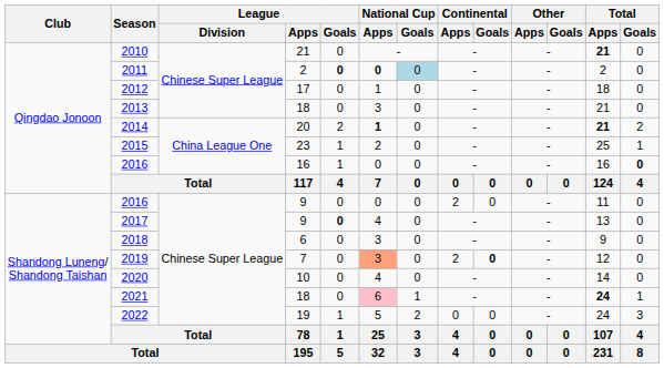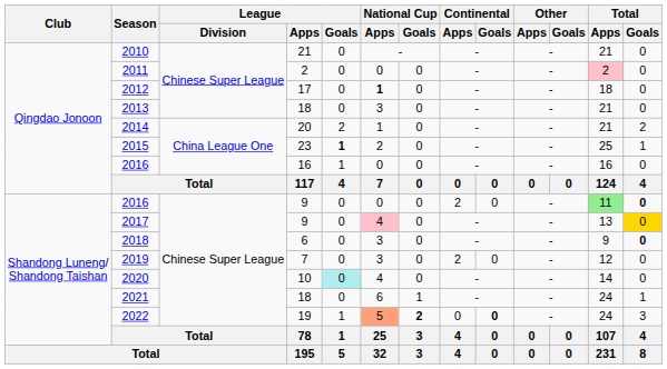 <table class="wikitable" style="text-align: center">
 <tr>
 <th rowspan="2">Club</th>
 <th rowspan="2">Season</th>
 <th colspan="3">League</th>
 <th colspan="2">National Cup</th>
 <th colspan="2">Continental</th>
 <th colspan="2">Other</th>
 <th colspan="2">Total</th>
 </tr>
 <tr>
 <th>Division</th>
 <th>Apps</th>
 <th>Goals</th>
 <th>Apps</th>
 <th>Goals</th>
 <th>Apps</th>
 <th>Goals</th>
 <th>Apps</th>
 <th>Goals</th>
 <th>Apps</th>
 <th>Goals</th>
 </tr>
 <tr>
 <td rowspan="8"><a href='#'>Qingdao Jonoon</a></td>
 <td><a href='#'>2010</a></td>
 <td rowspan="4"><a href='#'>Chinese Super League</a></td>
 <td>21</td>
 <td>0</td>
 <td colspan="2">-</td>
 <td colspan="2">-</td>
 <td colspan="2">-</td>
-<td><strong>21</strong></td>
+<td>21</td>
 <td>0</td>
 </tr>
 <tr>
 <td><a href='#'>2011</a></td>
 <td>2</td>
-<td><strong>0</strong></td>
-<td><strong>0</strong></td>
-<td style="background: lightblue;">0</td>
+<td>0</td>
+<td>0</td>
+<td>0</td>
 <td colspan="2">-</td>
 <td colspan="2">-</td>
-<td>2</td>
+<td style="background: pink;">2</td>
 <td>0</td>
 </tr>
 <tr>
 <td><a href='#'>2012</a></td>
 <td>17</td>
 <td>0</td>
-<td>1</td>
+<td><strong>1</strong></td>
 <td>0</td>
 <td colspan="2">-</td>
 <td colspan="2">-</td>
 <td>18</td>
 <td>0</td>
 </tr>
 <tr>
 <td><a href='#'>2013</a></td>
 <td>18</td>
 <td>0</td>
 <td>3</td>
 <td>0</td>
 <td colspan="2">-</td>
 <td colspan="2">-</td>
 <td>21</td>
 <td>0</td>
 </tr>
 <tr>
 <td><a href='#'>2014</a></td>
 <td rowspan="3"><a href='#'>China League One</a></td>
 <td>20</td>
 <td>2</td>
-<td><strong>1</strong></td>
+<td>1</td>
 <td>0</td>
 <td colspan="2">-</td>
 <td colspan="2">-</td>
-<td><strong>21</strong></td>
+<td>21</td>
 <td>2</td>
 </tr>
 <tr>
 <td><a href='#'>2015</a></td>
 <td>23</td>
-<td>1</td>
+<td><strong>1</strong></td>
 <td>2</td>
 <td>0</td>
 <td colspan="2">-</td>
 <td colspan="2">-</td>
 <td>25</td>
 <td>1</td>
 </tr>
 <tr>
 <td><a href='#'>2016</a></td>
 <td>16</td>
 <td>1</td>
 <td>0</td>
 <td>0</td>
 <td colspan="2">-</td>
 <td colspan="2">-</td>
 <td>16</td>
-<td><strong>0</strong></td>
+<td>0</td>
 </tr>
 <tr>
 <th colspan=2>Total</th>
 <th>117</th>
 <th>4</th>
 <th>7</th>
 <th>0</th>
 <th>0</th>
 <th>0</th>
 <th>0</th>
 <th>0</th>
 <th>124</th>
 <th>4</th>
 </tr>
 <tr>
 <td rowspan=8><a href='#'>Shandong Luneng</a>/<br><a href='#'>Shandong Taishan</a></td>
 <td><a href='#'>2016</a></td>
 <td rowspan=7>Chinese Super League</td>
 <td>9</td>
 <td>0</td>
 <td>0</td>
 <td>0</td>
 <td>2</td>
 <td>0</td>
 <td colspan="2">-</td>
-<td>11</td>
-<td>0</td>
+<td style="background: lightgreen;">11</td>
+<td><strong>0</strong></td>
 </tr>
 <tr>
 <td><a href='#'>2017</a></td>
 <td>9</td>
-<td><strong>0</strong></td>
-<td>4</td>
+<td>0</td>
+<td style="background: pink;">4</td>
 <td>0</td>
 <td colspan="2">-</td>
 <td colspan="2">-</td>
 <td>13</td>
-<td>0</td>
+<td style="background: gold;">0</td>
 </tr>
 <tr>
 <td><a href='#'>2018</a></td>
 <td>6</td>
 <td>0</td>
 <td>3</td>
 <td>0</td>
 <td colspan="2">-</td>
 <td colspan="2">-</td>
 <td>9</td>
-<td>0</td>
+<td><strong>0</strong></td>
 </tr>
 <tr>
 <td><a href='#'>2019</a></td>
 <td>7</td>
 <td>0</td>
-<td style="background: lightsalmon;">3</td>
+<td>3</td>
 <td>0</td>
 <td>2</td>
-<td><strong>0</strong></td>
+<td>0</td>
 <td colspan="2">-</td>
 <td>12</td>
 <td>0</td>
 </tr>
 <tr>
 <td><a href='#'>2020</a></td>
 <td>10</td>
-<td>0</td>
+<td style="background: paleturquoise;">0</td>
 <td>4</td>
 <td>0</td>
 <td colspan="2">-</td>
 <td colspan="2">-</td>
 <td>14</td>
 <td>0</td>
 </tr>
 <tr>
 <td><a href='#'>2021</a></td>
 <td>18</td>
 <td>0</td>
-<td style="background: pink;">6</td>
+<td>6</td>
 <td>1</td>
 <td colspan="2">-</td>
 <td colspan="2">-</td>
-<td><strong>24</strong></td>
+<td>24</td>
 <td>1</td>
 </tr>
 <tr>
 <td><a href='#'>2022</a></td>
 <td>19</td>
 <td>1</td>
-<td>5</td>
-<td>2</td>
+<td style="background: lightsalmon;">5</td>
+<td><strong>2</strong></td>
 <td>0</td>
-<td>0</td>
+<td><strong>0</strong></td>
 <td colspan="2">-</td>
 <td>24</td>
 <td>3</td>
 </tr>
 <tr>
 <th colspan=2>Total</th>
 <th>78</th>
 <th>1</th>
 <th>25</th>
 <th>3</th>
 <th>4</th>
 <th>0</th>
 <th>0</th>
 <th>0</th>
 <th>107</th>
 <th>4</th>
 </tr>
 <tr>
 <th colspan=3>Total</th>
 <th>195</th>
 <th>5</th>
 <th>32</th>
 <th>3</th>
 <th>4</th>
 <th>0</th>
 <th>0</th>
 <th>0</th>
 <th>231</th>
 <th>8</th>
 </tr>
 </table>
